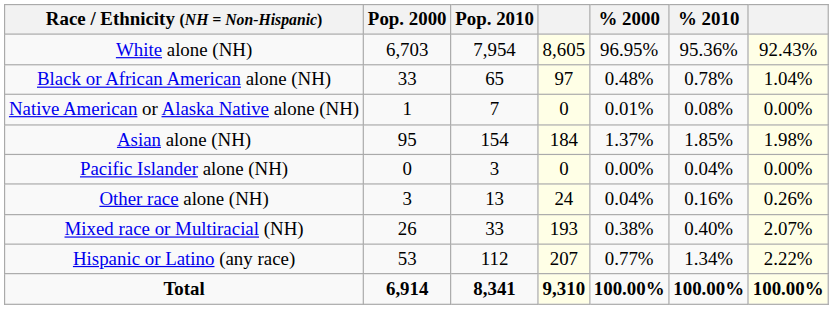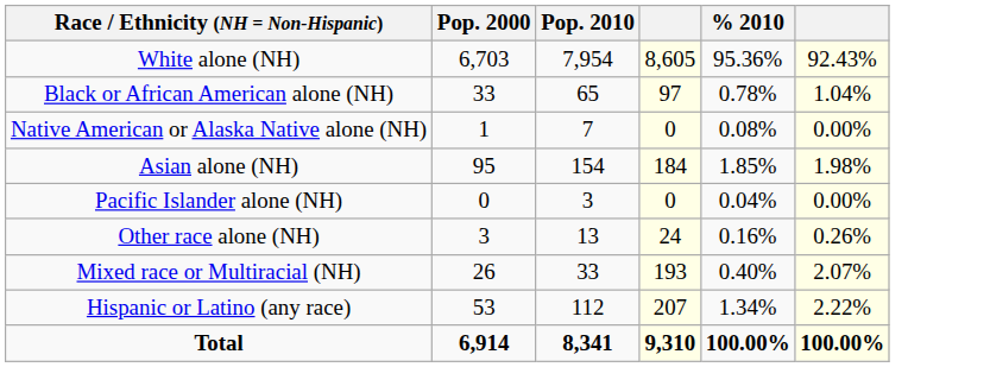 <table class="wikitable" style="text-align:center;">
 <tr>
 <th>Race / Ethnicity <small>(<em>NH = Non-Hispanic</em>)</small></th>
 <th>Pop. 2000</th>
 <th>Pop. 2010</th>
 <th></th>
-<th>% 2000</th>
 <th>% 2010</th>
 <th></th>
 </tr>
 <tr>
 <td><a href='#'>White</a> alone (NH)</td>
 <td>6,703</td>
 <td>7,954</td>
 <td style='background: #ffffe6;'>8,605</td>
-<td>96.95%</td>
 <td>95.36%</td>
 <td style='background: #ffffe6;'>92.43%</td>
 </tr>
 <tr>
 <td><a href='#'>Black or African American</a> alone (NH)</td>
 <td>33</td>
 <td>65</td>
 <td style='background: #ffffe6;'>97</td>
-<td>0.48%</td>
 <td>0.78%</td>
 <td style='background: #ffffe6;'>1.04%</td>
 </tr>
 <tr>
 <td><a href='#'>Native American</a> or <a href='#'>Alaska Native</a> alone (NH)</td>
 <td>1</td>
 <td>7</td>
 <td style='background: #ffffe6;'>0</td>
-<td>0.01%</td>
 <td>0.08%</td>
 <td style='background: #ffffe6;'>0.00%</td>
 </tr>
 <tr>
 <td><a href='#'>Asian</a> alone (NH)</td>
 <td>95</td>
 <td>154</td>
 <td style='background: #ffffe6;'>184</td>
-<td>1.37%</td>
 <td>1.85%</td>
 <td style='background: #ffffe6;'>1.98%</td>
 </tr>
 <tr>
 <td><a href='#'>Pacific Islander</a> alone (NH)</td>
 <td>0</td>
 <td>3</td>
 <td style='background: #ffffe6;'>0</td>
-<td>0.00%</td>
 <td>0.04%</td>
 <td style='background: #ffffe6;'>0.00%</td>
 </tr>
 <tr>
 <td><a href='#'>Other race</a> alone (NH)</td>
 <td>3</td>
 <td>13</td>
 <td style='background: #ffffe6;'>24</td>
-<td>0.04%</td>
 <td>0.16%</td>
 <td style='background: #ffffe6;'>0.26%</td>
 </tr>
 <tr>
 <td><a href='#'>Mixed race or Multiracial</a> (NH)</td>
 <td>26</td>
 <td>33</td>
 <td style='background: #ffffe6;'>193</td>
-<td>0.38%</td>
 <td>0.40%</td>
 <td style='background: #ffffe6;'>2.07%</td>
 </tr>
 <tr>
 <td><a href='#'>Hispanic or Latino</a> (any race)</td>
 <td>53</td>
 <td>112</td>
 <td style='background: #ffffe6;'>207</td>
-<td>0.77%</td>
 <td>1.34%</td>
 <td style='background: #ffffe6;'>2.22%</td>
 </tr>
 <tr>
 <td><strong>Total</strong></td>
 <td><strong>6,914</strong></td>
 <td><strong>8,341</strong></td>
 <td style='background: #ffffe6;'><strong>9,310</strong></td>
 <td><strong>100.00%</strong></td>
-<td><strong>100.00%</strong></td>
 <td style='background: #ffffe6;'><strong>100.00%</strong></td>
 </tr>
 </table>
